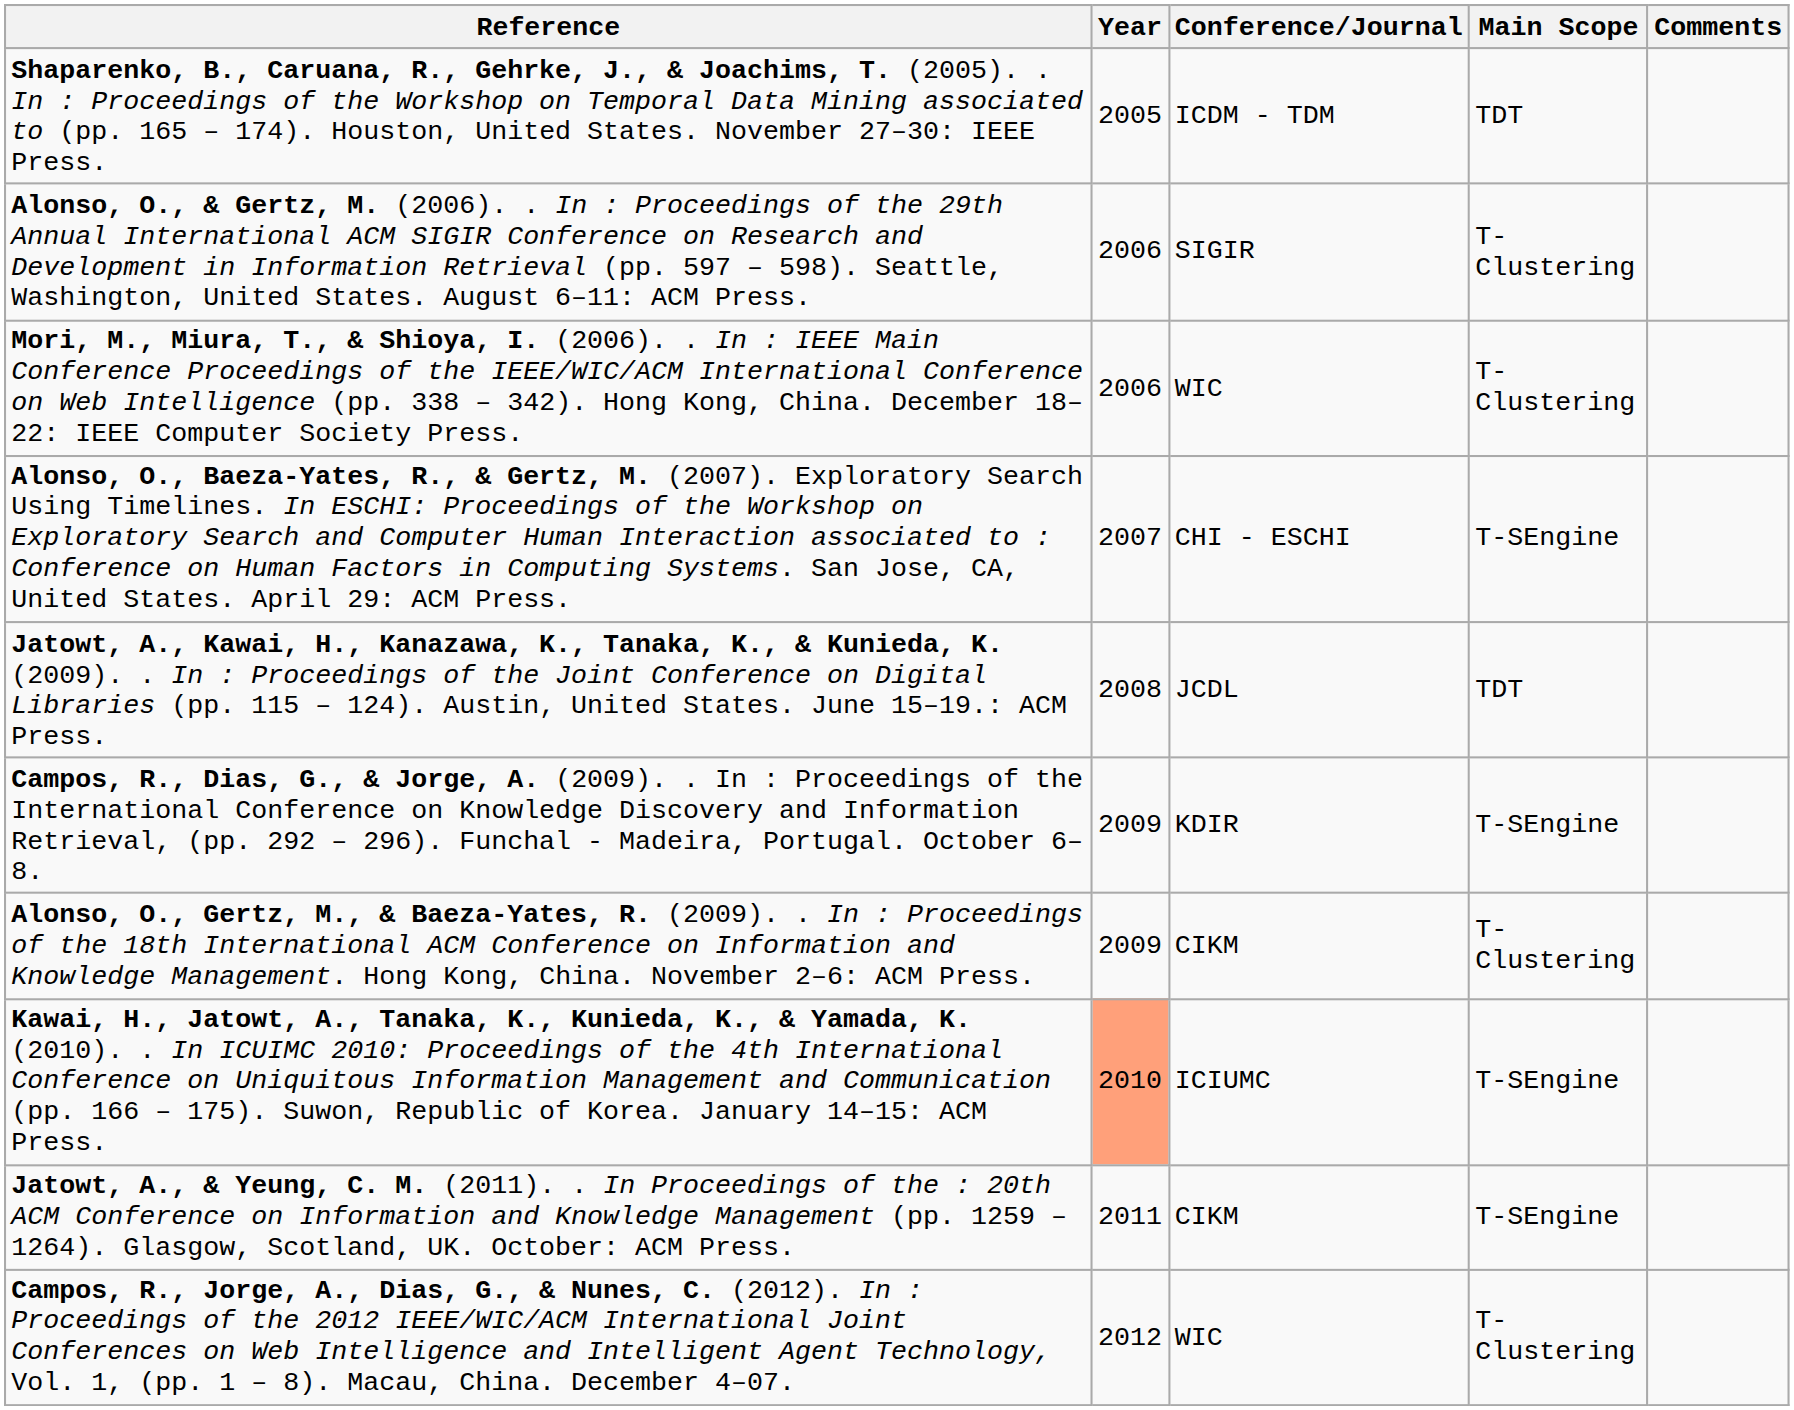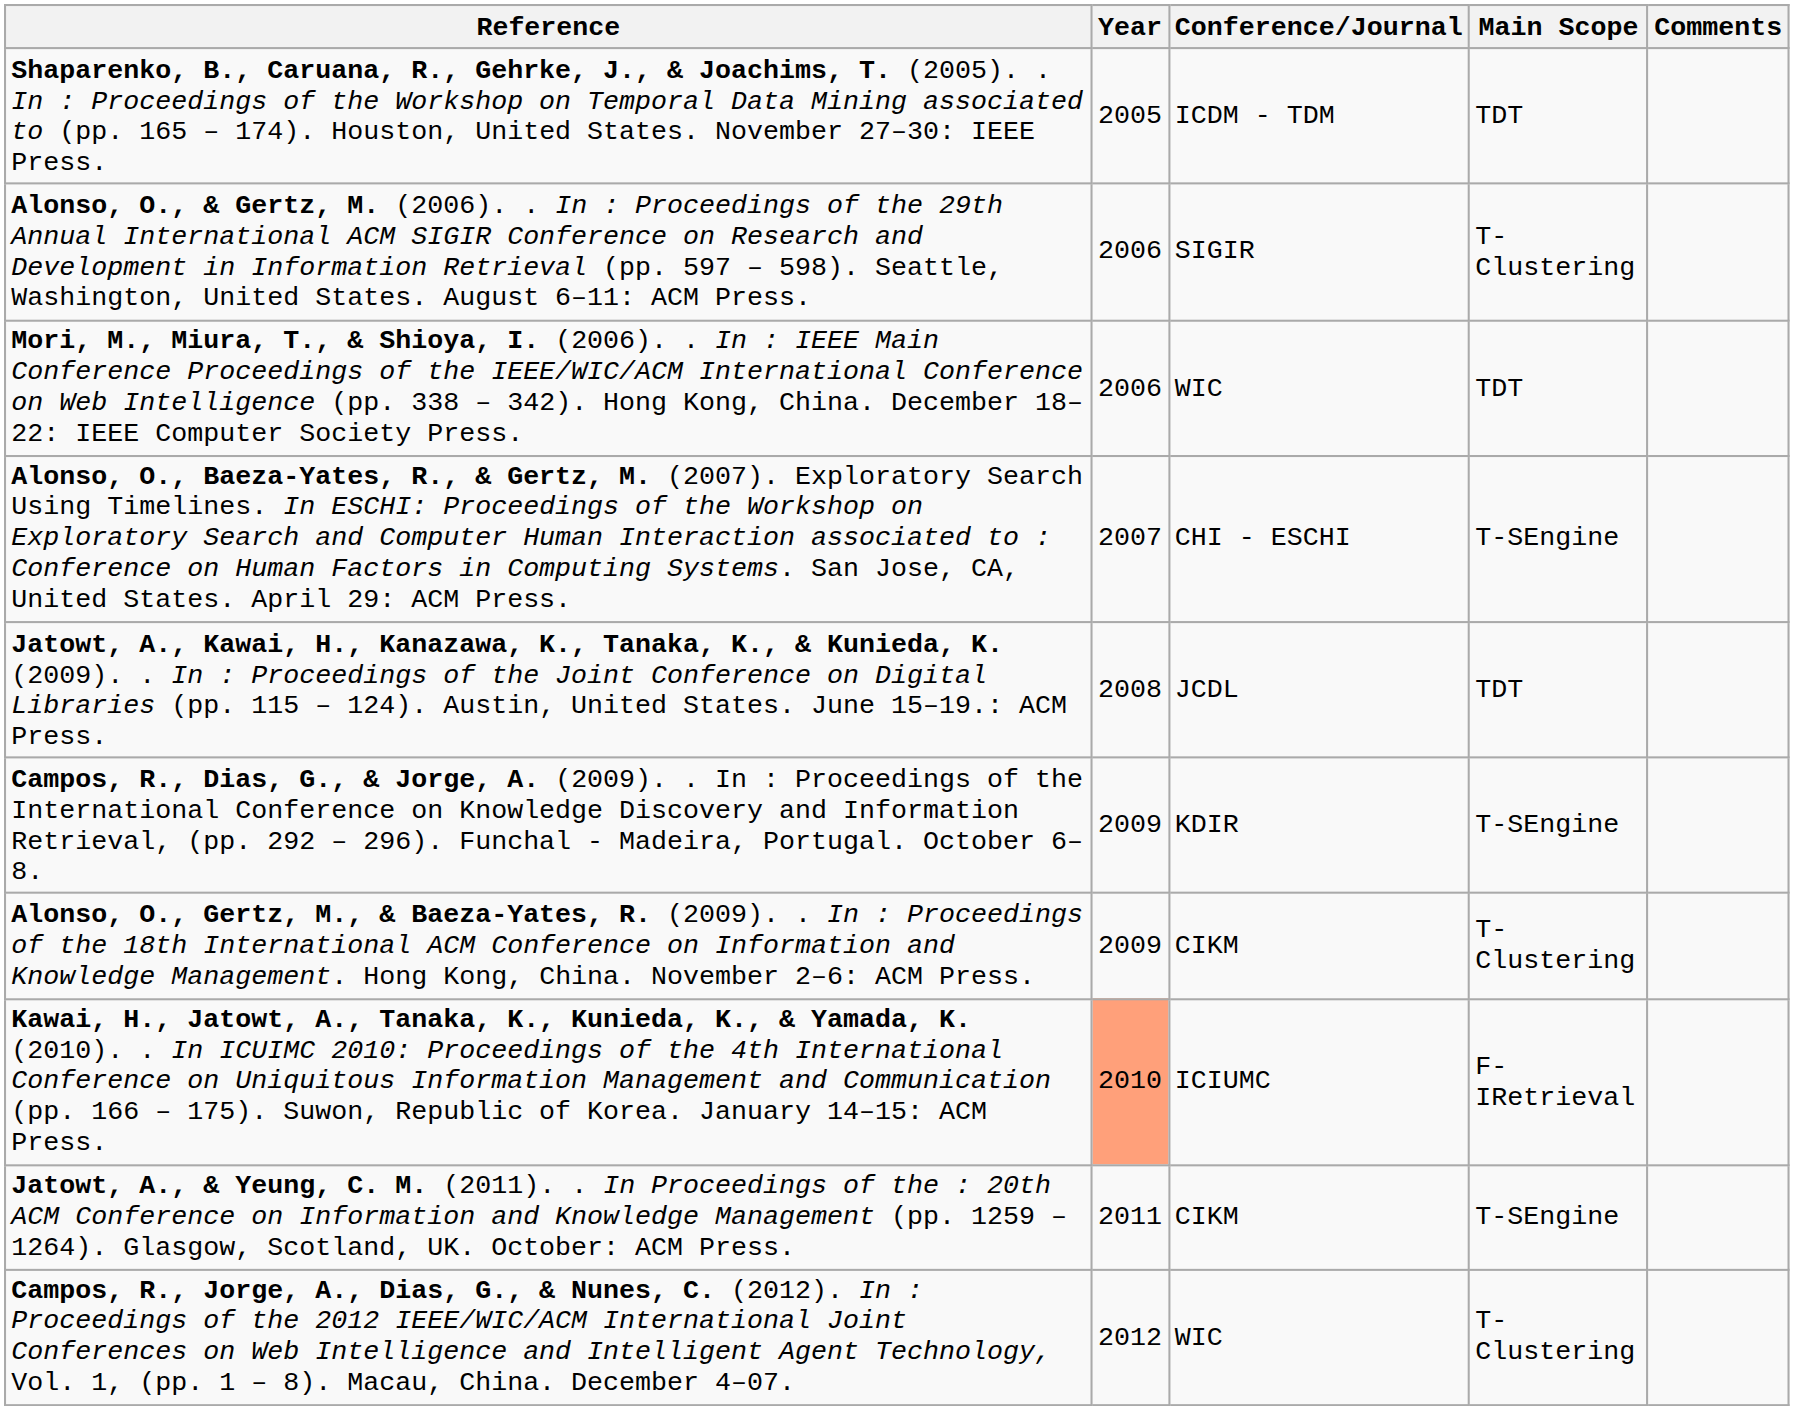 <table class="wikitable sortable">
 <tr>
 <th>Reference</th>
 <th>Year</th>
 <th>Conference/Journal</th>
 <th>Main Scope</th>
 <th>Comments</th>
 </tr>
 <tr>
 <td><strong>Shaparenko, B., Caruana, R., Gehrke, J., & Joachims, T.</strong> (2005). . <em>In : Proceedings of the Workshop on Temporal Data Mining associated to </em> (pp. 165 – 174). Houston, United States. November 27–30: IEEE Press.</td>
 <td>2005</td>
 <td>ICDM - TDM</td>
 <td>TDT</td>
 <td></td>
 </tr>
 <tr>
 <td><strong>Alonso, O., & Gertz, M.</strong> (2006). . <em>In : Proceedings of the 29th Annual International ACM SIGIR Conference on Research and Development in Information Retrieval</em> (pp. 597 – 598). Seattle, Washington, United States. August 6–11: ACM Press.</td>
 <td>2006</td>
 <td>SIGIR</td>
 <td>T-Clustering</td>
 <td></td>
 </tr>
 <tr>
 <td><strong>Mori, M., Miura, T., & Shioya, I.</strong> (2006). . <em>In : IEEE Main Conference Proceedings of the IEEE/WIC/ACM International Conference on Web Intelligence</em> (pp. 338 – 342). Hong Kong, China. December 18–22: IEEE Computer Society Press.</td>
 <td>2006</td>
 <td>WIC</td>
-<td>T-Clustering</td>
+<td>TDT</td>
 <td></td>
 </tr>
 <tr>
 <td><strong>Alonso, O., Baeza-Yates, R., & Gertz, M.</strong> (2007). Exploratory Search Using Timelines. <em>In ESCHI: Proceedings of the Workshop on Exploratory Search and Computer Human Interaction associated to :  Conference on Human Factors in Computing Systems</em>. San Jose, CA, United States. April 29: ACM Press.</td>
 <td>2007</td>
 <td>CHI - ESCHI</td>
 <td>T-SEngine</td>
 <td></td>
 </tr>
 <tr>
 <td><strong>Jatowt, A., Kawai, H., Kanazawa, K., Tanaka, K., & Kunieda, K.</strong> (2009). . <em>In : Proceedings of the Joint Conference on Digital Libraries</em> (pp. 115 – 124). Austin, United States. June 15–19.: ACM Press.</td>
 <td>2008</td>
 <td>JCDL</td>
 <td>TDT</td>
 <td></td>
 </tr>
 <tr>
 <td><strong>Campos, R., Dias, G., & Jorge, A.</strong> (2009). . In : Proceedings of the International Conference on Knowledge Discovery and Information Retrieval, (pp. 292 – 296). Funchal - Madeira, Portugal. October 6–8.</td>
 <td>2009</td>
 <td>KDIR</td>
 <td>T-SEngine</td>
 <td></td>
 </tr>
 <tr>
 <td><strong>Alonso, O., Gertz, M., & Baeza-Yates, R.</strong> (2009). . <em>In : Proceedings of the 18th International ACM Conference on Information and Knowledge Management</em>. Hong Kong, China. November 2–6: ACM Press.</td>
 <td>2009</td>
 <td>CIKM</td>
 <td>T-Clustering</td>
 <td></td>
 </tr>
 <tr>
 <td><strong>Kawai, H., Jatowt, A., Tanaka, K., Kunieda, K., & Yamada, K.</strong> (2010). . <em>In ICUIMC 2010: Proceedings of the 4th International Conference on Uniquitous Information Management and Communication</em> (pp. 166 – 175). Suwon, Republic of Korea. January 14–15: ACM Press.</td>
 <td style="background: lightsalmon;">2010</td>
 <td>ICIUMC</td>
-<td>T-SEngine</td>
+<td>F-IRetrieval</td>
 <td></td>
 </tr>
 <tr>
 <td><strong>Jatowt, A., & Yeung, C. M.</strong> (2011). . <em>In Proceedings of the : 20th ACM Conference on Information and Knowledge Management</em> (pp. 1259 – 1264). Glasgow, Scotland, UK. October: ACM Press.</td>
 <td>2011</td>
 <td>CIKM</td>
 <td>T-SEngine</td>
 <td></td>
 </tr>
 <tr>
 <td><strong>Campos, R., Jorge, A., Dias, G., & Nunes, C.</strong> (2012).  <em>In : Proceedings of the 2012 IEEE/WIC/ACM International Joint Conferences on Web Intelligence and Intelligent Agent Technology,</em> Vol. 1, (pp. 1 – 8). Macau, China. December 4–07.</td>
 <td>2012</td>
 <td>WIC</td>
 <td>T-Clustering</td>
 <td></td>
 </tr>
 </table>
